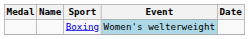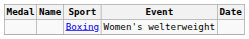 <table class="wikitable sortable" style="font-size:95%">
 <tr>
 <th>Medal</th>
 <th>Name</th>
 <th>Sport</th>
 <th>Event</th>
 <th>Date</th>
 </tr>
 <tr>
 <td></td>
 <td></td>
 <td><a href='#'>Boxing</a></td>
-<td style="background: lightblue;">Women's welterweight</td>
+<td>Women's welterweight</td>
 <td></td>
 </tr>
 <tr>
 </tr>
 </table>
